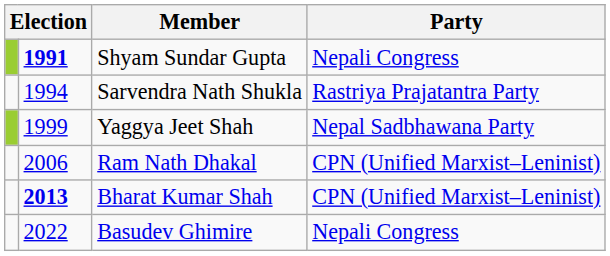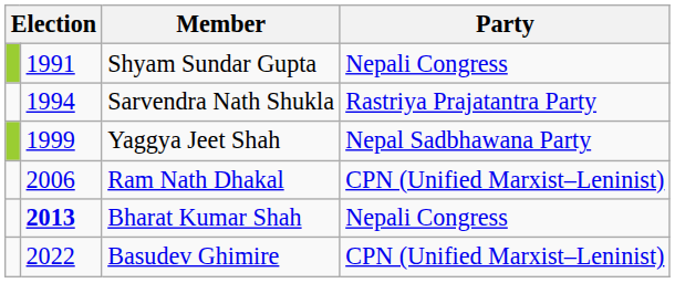 <table class="wikitable">
 <tr>
 <th colspan="2">Election</th>
 <th>Member</th>
 <th>Party</th>
 </tr>
 <tr>
 <td style="background-color:yellowgreen"></td>
-<td><strong><a href='#'>1991</a></strong></td>
+<td><a href='#'>1991</a></td>
 <td>Shyam Sundar Gupta</td>
 <td><a href='#'>Nepali Congress</a></td>
 </tr>
 <tr>
 <td style="background-color:"></td>
 <td><a href='#'>1994</a></td>
 <td>Sarvendra Nath Shukla</td>
 <td><a href='#'>Rastriya Prajatantra Party</a></td>
 </tr>
 <tr>
 <td style="background-color:yellowgreen"></td>
 <td><a href='#'>1999</a></td>
 <td>Yaggya Jeet Shah</td>
 <td><a href='#'>Nepal Sadbhawana Party</a></td>
 </tr>
 <tr>
 <td style="background-color:"></td>
 <td><a href='#'>2006</a></td>
 <td><a href='#'>Ram Nath Dhakal</a></td>
 <td><a href='#'>CPN (Unified Marxist–Leninist)</a></td>
 </tr>
 <tr>
 <td style="background-color:"></td>
 <td><strong><a href='#'>2013</a></strong></td>
 <td><a href='#'>Bharat Kumar Shah</a></td>
-<td><a href='#'>CPN (Unified Marxist–Leninist)</a></td>
+<td><a href='#'>Nepali Congress</a></td>
 </tr>
 <tr>
 <td style="background-color:"></td>
 <td><a href='#'>2022</a></td>
 <td><a href='#'>Basudev Ghimire</a></td>
-<td><a href='#'>Nepali Congress</a></td>
+<td><a href='#'>CPN (Unified Marxist–Leninist)</a></td>
 </tr>
 </table>
